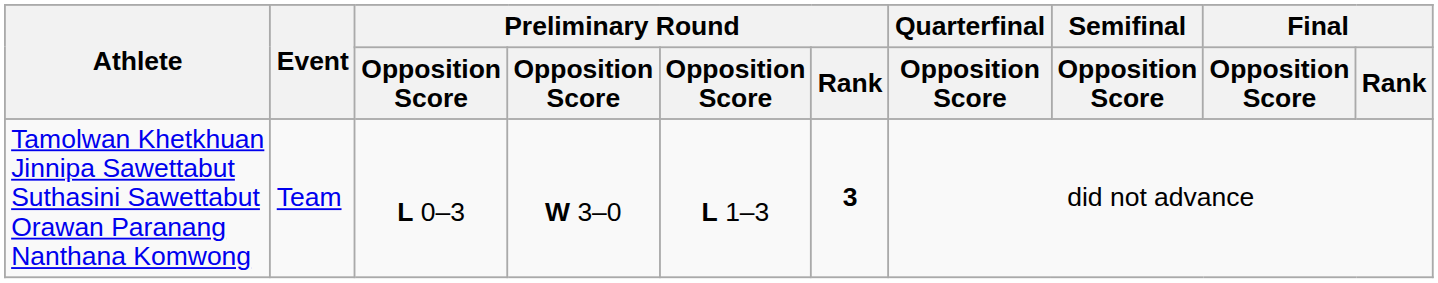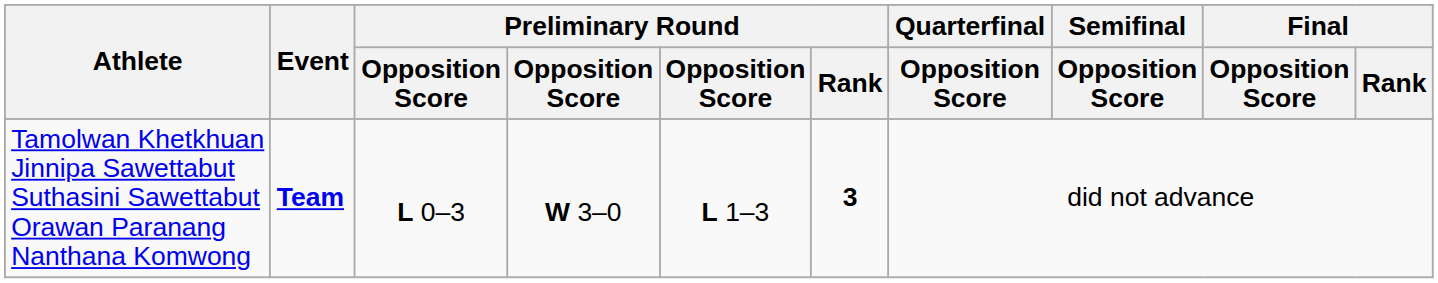 <table class=wikitable style=font-size:90%;text-align:center>
 <tr>
 <th rowspan="2">Athlete</th>
 <th rowspan="2">Event</th>
 <th colspan="4">Preliminary Round</th>
 <th>Quarterfinal</th>
 <th>Semifinal</th>
 <th colspan="2">Final</th>
 </tr>
 <tr>
 <th>Opposition<br>Score</th>
 <th>Opposition<br>Score</th>
 <th>Opposition<br>Score</th>
 <th>Rank</th>
 <th>Opposition<br>Score</th>
 <th>Opposition<br>Score</th>
 <th>Opposition<br>Score</th>
 <th>Rank</th>
 </tr>
 <tr>
 <td align=left><a href='#'>Tamolwan Khetkhuan</a><br><a href='#'>Jinnipa Sawettabut</a><br><a href='#'>Suthasini Sawettabut</a><br><a href='#'>Orawan Paranang</a><br><a href='#'>Nanthana Komwong</a></td>
-<td align=left><a href='#'>Team</a></td>
+<td align=left><strong><a href='#'>Team</a></strong></td>
 <td><br> <strong>L</strong> 0–3</td>
 <td> <br> <strong>W</strong> 3–0</td>
 <td> <br> <strong>L</strong> 1–3</td>
 <td><strong>3</strong></td>
 <td colspan=4>did not advance</td>
 </tr>
 </table>
